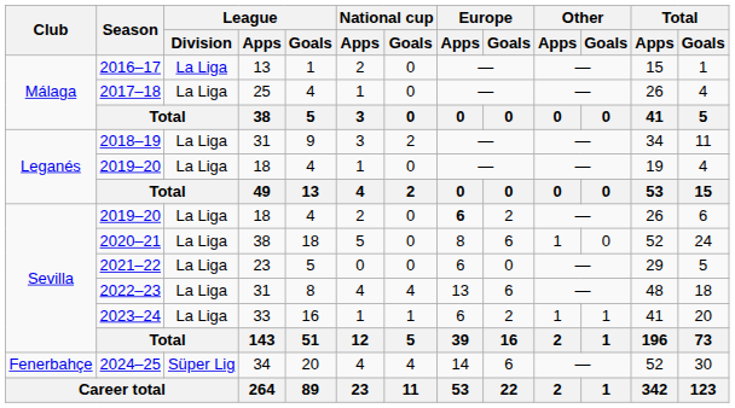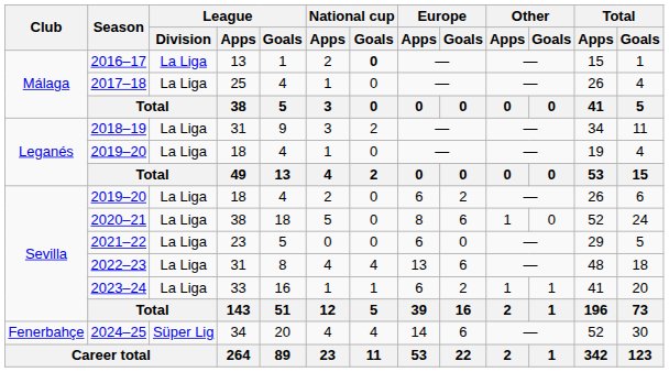 <table class="wikitable" style="text-align:center">
 <tr>
 <th rowspan="2">Club</th>
 <th rowspan="2">Season</th>
 <th colspan="3">League</th>
 <th colspan="2">National cup</th>
 <th colspan="2">Europe</th>
 <th colspan="2">Other</th>
 <th colspan="2">Total</th>
 </tr>
 <tr>
 <th>Division</th>
 <th>Apps</th>
 <th>Goals</th>
 <th>Apps</th>
 <th>Goals</th>
 <th>Apps</th>
 <th>Goals</th>
 <th>Apps</th>
 <th>Goals</th>
 <th>Apps</th>
 <th>Goals</th>
 </tr>
 <tr>
 <td rowspan="3"><a href='#'>Málaga</a></td>
 <td><a href='#'>2016–17</a></td>
 <td><a href='#'>La Liga</a></td>
 <td>13</td>
 <td>1</td>
 <td>2</td>
-<td>0</td>
+<td><strong>0</strong></td>
 <td colspan="2">—</td>
 <td colspan="2">—</td>
 <td>15</td>
 <td>1</td>
 </tr>
 <tr>
 <td><a href='#'>2017–18</a></td>
 <td>La Liga</td>
 <td>25</td>
 <td>4</td>
 <td>1</td>
 <td>0</td>
 <td colspan="2">—</td>
 <td colspan="2">—</td>
 <td>26</td>
 <td>4</td>
 </tr>
 <tr>
 <th colspan="2">Total</th>
 <th>38</th>
 <th>5</th>
 <th>3</th>
 <th>0</th>
 <th>0</th>
 <th>0</th>
 <th>0</th>
 <th>0</th>
 <th>41</th>
 <th>5</th>
 </tr>
 <tr>
 <td rowspan="3"><a href='#'>Leganés</a></td>
 <td><a href='#'>2018–19</a></td>
 <td>La Liga</td>
 <td>31</td>
 <td>9</td>
 <td>3</td>
 <td>2</td>
 <td colspan="2">—</td>
 <td colspan="2">—</td>
 <td>34</td>
 <td>11</td>
 </tr>
 <tr>
 <td><a href='#'>2019–20</a></td>
 <td>La Liga</td>
 <td>18</td>
 <td>4</td>
 <td>1</td>
 <td>0</td>
 <td colspan="2">—</td>
 <td colspan="2">—</td>
 <td>19</td>
 <td>4</td>
 </tr>
 <tr>
 <th colspan="2">Total</th>
 <th>49</th>
 <th>13</th>
 <th>4</th>
 <th>2</th>
 <th>0</th>
 <th>0</th>
 <th>0</th>
 <th>0</th>
 <th>53</th>
 <th>15</th>
 </tr>
 <tr>
 <td rowspan="6"><a href='#'>Sevilla</a></td>
 <td><a href='#'>2019–20</a></td>
 <td>La Liga</td>
 <td>18</td>
 <td>4</td>
 <td>2</td>
 <td>0</td>
-<td><strong>6</strong></td>
+<td>6</td>
 <td>2</td>
 <td colspan="2">—</td>
 <td>26</td>
 <td>6</td>
 </tr>
 <tr>
 <td><a href='#'>2020–21</a></td>
 <td>La Liga</td>
 <td>38</td>
 <td>18</td>
 <td>5</td>
 <td>0</td>
 <td>8</td>
 <td>6</td>
 <td>1</td>
 <td>0</td>
 <td>52</td>
 <td>24</td>
 </tr>
 <tr>
 <td><a href='#'>2021–22</a></td>
 <td>La Liga</td>
 <td>23</td>
 <td>5</td>
 <td>0</td>
 <td>0</td>
 <td>6</td>
 <td>0</td>
 <td colspan="2">—</td>
 <td>29</td>
 <td>5</td>
 </tr>
 <tr>
 <td><a href='#'>2022–23</a></td>
 <td>La Liga</td>
 <td>31</td>
 <td>8</td>
 <td>4</td>
 <td>4</td>
 <td>13</td>
 <td>6</td>
 <td colspan="2">—</td>
 <td>48</td>
 <td>18</td>
 </tr>
 <tr>
 <td><a href='#'>2023–24</a></td>
 <td>La Liga</td>
 <td>33</td>
 <td>16</td>
 <td>1</td>
 <td>1</td>
 <td>6</td>
 <td>2</td>
 <td>1</td>
 <td>1</td>
 <td>41</td>
 <td>20</td>
 </tr>
 <tr>
 <th colspan="2">Total</th>
 <th>143</th>
 <th>51</th>
 <th>12</th>
 <th>5</th>
 <th>39</th>
 <th>16</th>
 <th>2</th>
 <th>1</th>
 <th>196</th>
 <th>73</th>
 </tr>
 <tr>
 <td><a href='#'>Fenerbahçe</a></td>
 <td><a href='#'>2024–25</a></td>
 <td><a href='#'>Süper Lig</a></td>
 <td>34</td>
 <td>20</td>
 <td>4</td>
 <td>4</td>
 <td>14</td>
 <td>6</td>
 <td colspan="2">—</td>
 <td>52</td>
 <td>30</td>
 </tr>
 <tr>
 <th colspan="3">Career total</th>
 <th>264</th>
 <th>89</th>
 <th>23</th>
 <th>11</th>
 <th>53</th>
 <th>22</th>
 <th>2</th>
 <th>1</th>
 <th>342</th>
 <th>123</th>
 </tr>
 </table>
